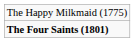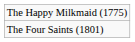 <table class="wikitable">
 <tr>
 <td>The Happy Milkmaid (1775)</td>
 </tr>
 <tr>
-<td><strong>The Four Saints (1801)</strong></td>
+<td>The Four Saints (1801)</td>
 </tr>
 </table>
